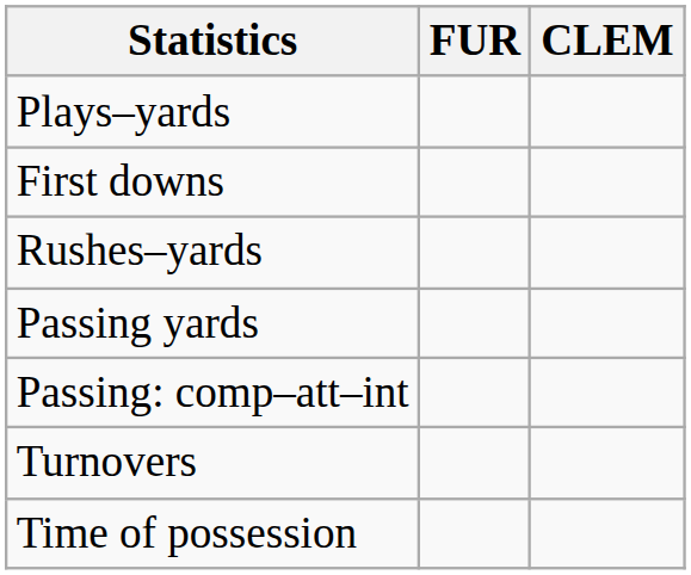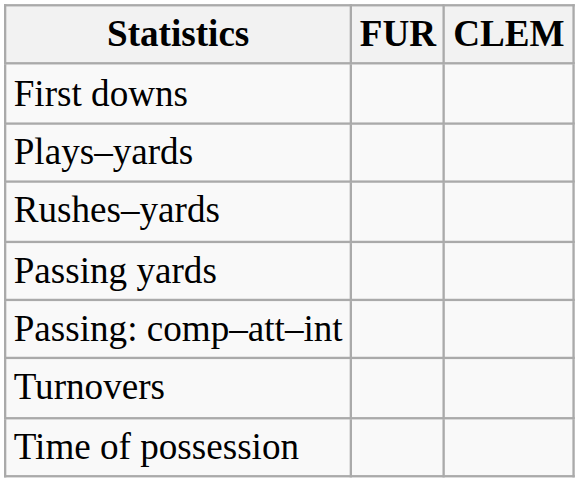 <table class="wikitable" style="float:left">
 <tr>
 <th>Statistics</th>
 <th>FUR</th>
 <th>CLEM</th>
 </tr>
 <tr>
-<td>Plays–yards</td>
+<td>First downs</td>
 <td></td>
 <td></td>
 </tr>
 <tr>
-<td>First downs</td>
+<td>Plays–yards</td>
 <td></td>
 <td></td>
 </tr>
 <tr>
 <td>Rushes–yards</td>
 <td></td>
 <td></td>
 </tr>
 <tr>
 <td>Passing yards</td>
 <td></td>
 <td></td>
 </tr>
 <tr>
 <td>Passing: comp–att–int</td>
 <td></td>
 <td></td>
 </tr>
 <tr>
 <td>Turnovers</td>
 <td></td>
 <td></td>
 </tr>
 <tr>
 <td>Time of possession</td>
 <td></td>
 <td></td>
 </tr>
 </table>
